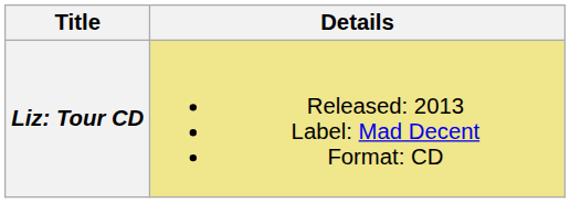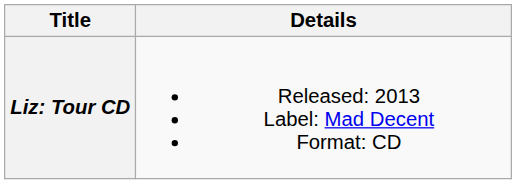 <table class="wikitable plainrowheaders" style="text-align:center;">
 <tr>
 <th scope="col" style="width:6em;">Title</th>
 <th scope="col" style="width:18em;">Details</th>
 </tr>
 <tr>
 <th scope="row"><em>Liz: Tour CD</em></th>
-<td style="background: khaki;"><br><ul><li>Released: 2013</li><li>Label: <a href='#'>Mad Decent</a></li><li>Format: CD</li></ul></td>
+<td><br><ul><li>Released: 2013</li><li>Label: <a href='#'>Mad Decent</a></li><li>Format: CD</li></ul></td>
 </tr>
 </table>
